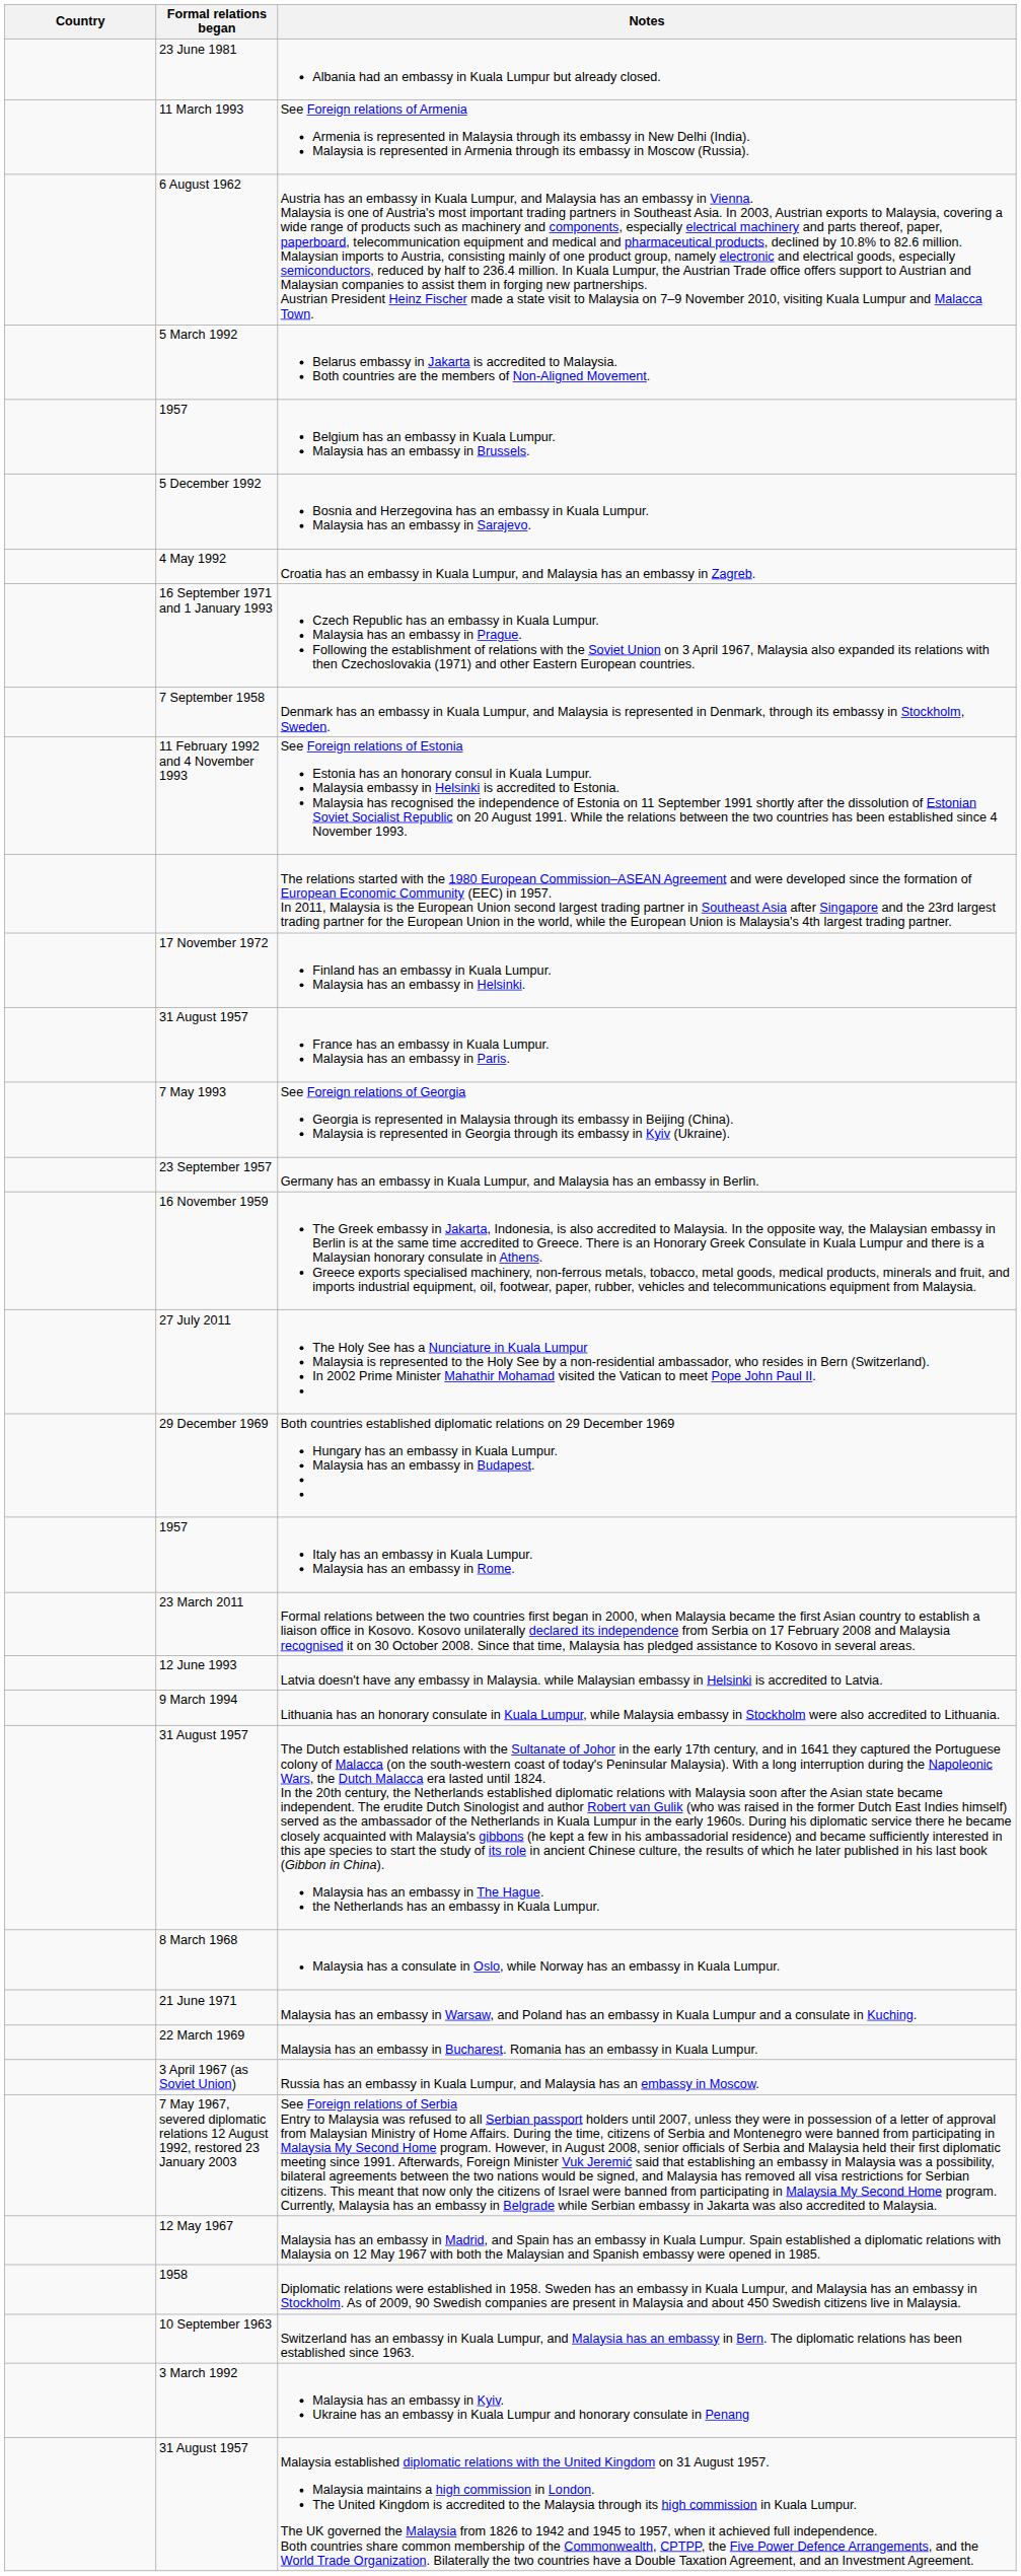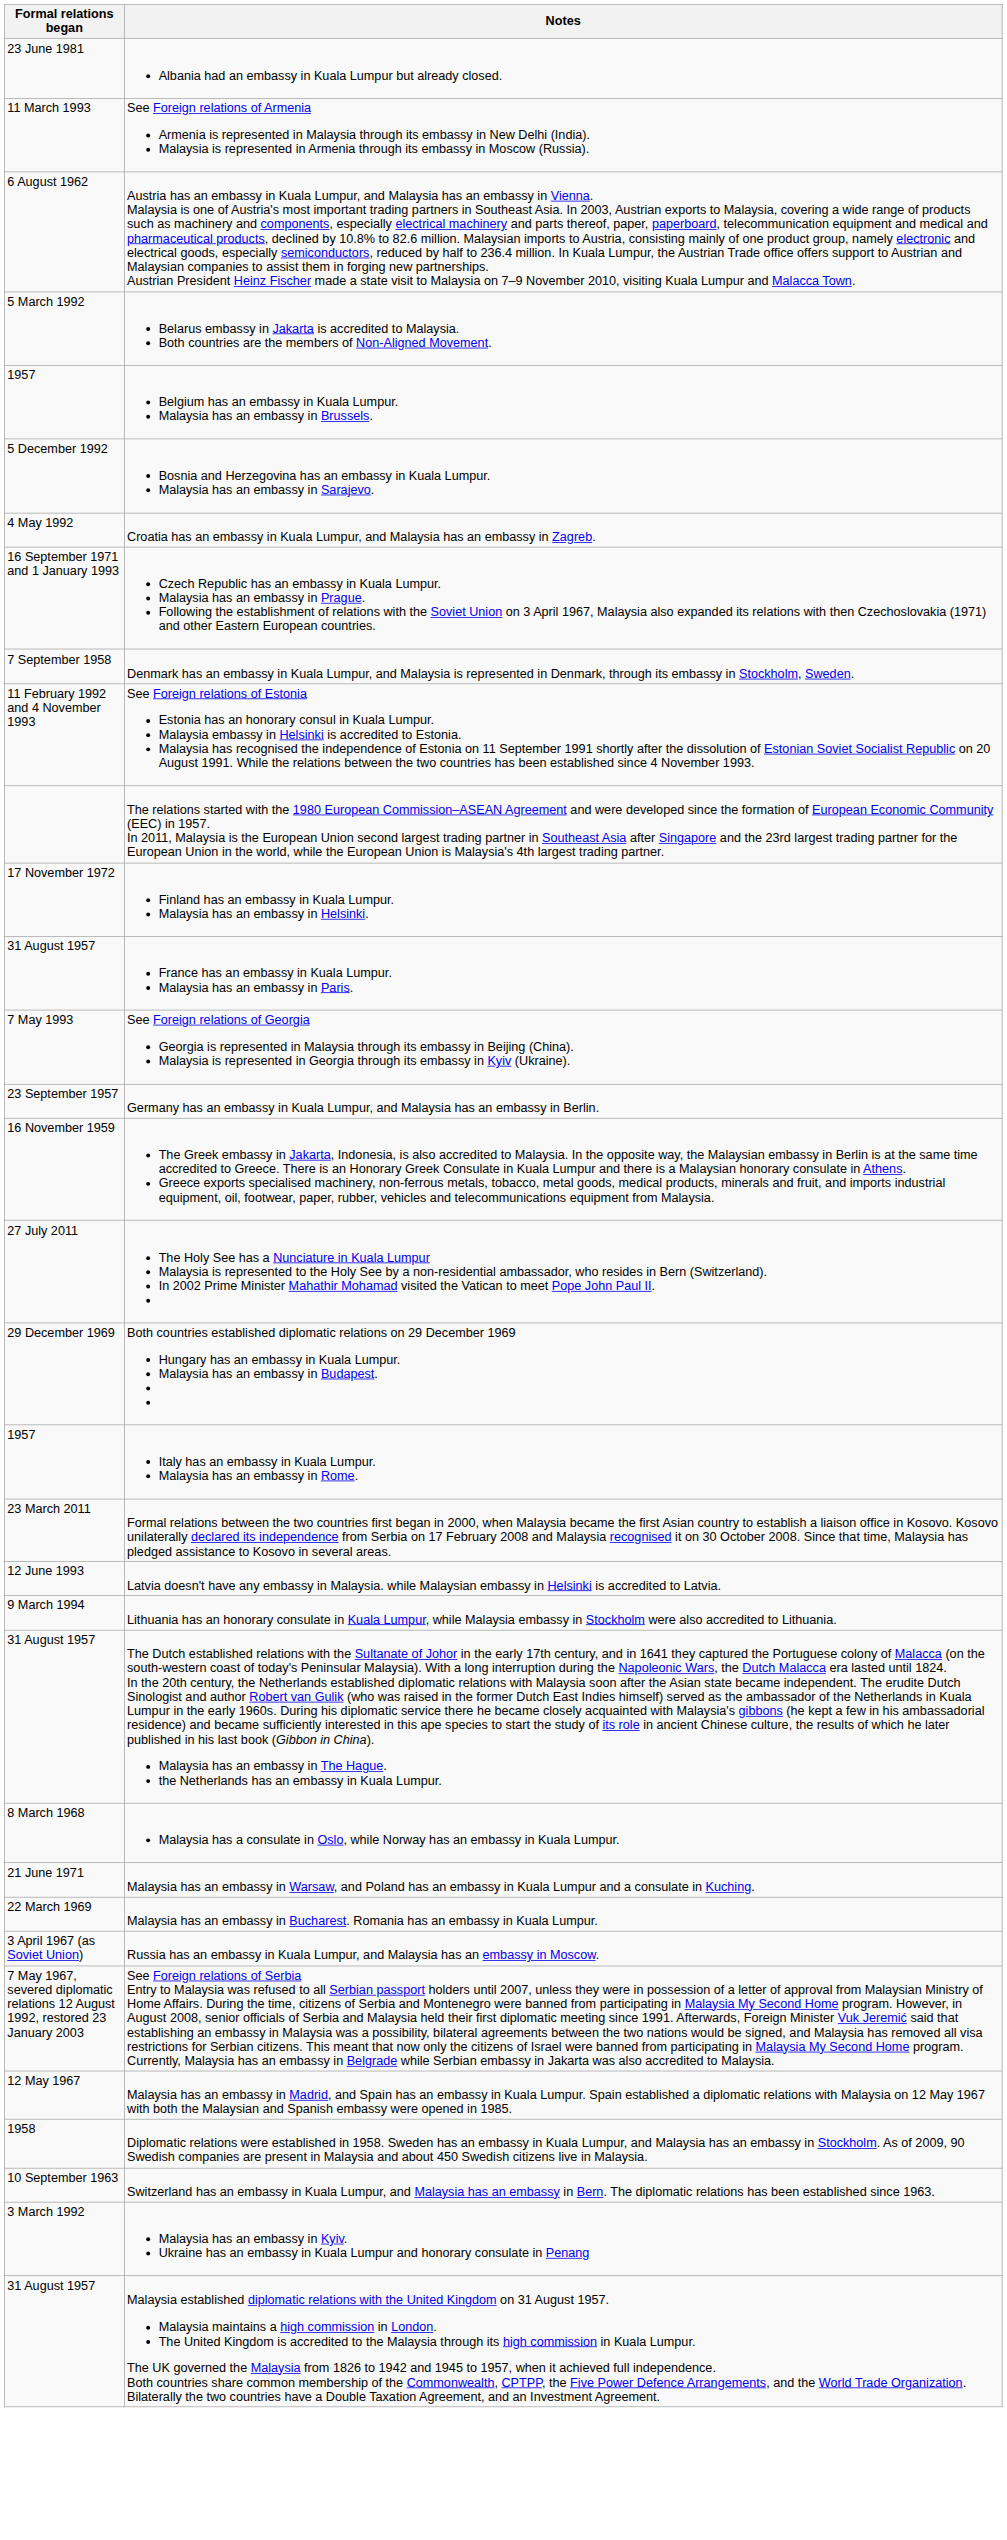 <table class="wikitable sortable" style="width:100%; margin:auto;">
 <tr>
-<th style="width:15%;">Country</th>
 <th style="width:12%;">Formal relations began</th>
 <th>Notes</th>
 </tr>
 <tr valign="top">
-<td></td>
 <td>23 June 1981</td>
 <td><br><ul><li>Albania had an embassy in Kuala Lumpur but already closed.</li></ul></td>
 </tr>
 <tr valign="top">
-<td></td>
 <td>11 March 1993</td>
 <td>See <a href='#'>Foreign relations of Armenia</a><br><ul><li>Armenia is represented in Malaysia through its embassy in New Delhi (India).</li><li>Malaysia is represented in Armenia through its embassy in Moscow (Russia).</li></ul></td>
 </tr>
 <tr valign="top">
-<td></td>
 <td>6 August 1962</td>
 <td><br>Austria has an embassy in Kuala Lumpur, and Malaysia has an embassy in <a href='#'>Vienna</a>.<br>Malaysia is one of Austria's most important trading partners in Southeast Asia. In 2003, Austrian exports to Malaysia, covering a wide range of products such as machinery and <a href='#'>components</a>, especially <a href='#'>electrical machinery</a> and parts thereof, paper, <a href='#'>paperboard</a>, telecommunication equipment and medical and <a href='#'>pharmaceutical products</a>, declined by 10.8% to 82.6 million. Malaysian imports to Austria, consisting mainly of one product group, namely <a href='#'>electronic</a> and electrical goods, especially <a href='#'>semiconductors</a>, reduced by half to 236.4 million. In Kuala Lumpur, the Austrian Trade office offers support to Austrian and Malaysian companies to assist them in forging new partnerships.<br>Austrian President <a href='#'>Heinz Fischer</a> made a state visit to Malaysia on 7–9 November 2010, visiting Kuala Lumpur and <a href='#'>Malacca Town</a>.</td>
 </tr>
 <tr valign="top">
-<td></td>
 <td>5 March 1992</td>
 <td><br><ul><li>Belarus embassy in <a href='#'>Jakarta</a> is accredited to Malaysia.</li><li>Both countries are the members of <a href='#'>Non-Aligned Movement</a>.</li></ul></td>
 </tr>
 <tr valign="top">
-<td></td>
 <td>1957</td>
 <td><br><ul><li>Belgium has an embassy in Kuala Lumpur.</li><li>Malaysia has an embassy in <a href='#'>Brussels</a>.</li></ul></td>
 </tr>
 <tr valign="top">
-<td></td>
 <td>5 December 1992</td>
 <td><br><ul><li>Bosnia and Herzegovina has an embassy in Kuala Lumpur.</li><li>Malaysia has an embassy in <a href='#'>Sarajevo</a>.</li></ul></td>
 </tr>
 <tr valign="top">
-<td></td>
 <td>4 May 1992</td>
 <td><br>Croatia has an embassy in Kuala Lumpur, and Malaysia has an embassy in <a href='#'>Zagreb</a>.</td>
 </tr>
 <tr valign="top">
-<td></td>
 <td>16 September 1971 and 1 January 1993</td>
 <td><br><ul><li>Czech Republic has an embassy in Kuala Lumpur.</li><li>Malaysia has an embassy in <a href='#'>Prague</a>.</li><li>Following the establishment of relations with the <a href='#'>Soviet Union</a> on 3 April 1967, Malaysia also expanded its relations with then Czechoslovakia (1971) and other Eastern European countries.</li></ul></td>
 </tr>
 <tr valign="top">
-<td></td>
 <td>7 September 1958</td>
 <td><br>Denmark has an embassy in Kuala Lumpur, and Malaysia is represented in Denmark, through its embassy in <a href='#'>Stockholm</a>, <a href='#'>Sweden</a>.</td>
 </tr>
 <tr valign="top">
-<td></td>
 <td>11 February 1992 and 4 November 1993</td>
 <td>See <a href='#'>Foreign relations of Estonia</a><br><ul><li>Estonia has an honorary consul in Kuala Lumpur.</li><li>Malaysia embassy in <a href='#'>Helsinki</a> is accredited to Estonia.</li><li>Malaysia has recognised the independence of Estonia on 11 September 1991 shortly after the dissolution of <a href='#'>Estonian Soviet Socialist Republic</a> on 20 August 1991. While the relations between the two countries has been established since 4 November 1993.</li></ul></td>
 </tr>
 <tr valign="top">
 <td></td>
-<td></td>
 <td><br>The relations started with the <a href='#'>1980 European Commission–ASEAN Agreement</a> and were developed since the formation of <a href='#'>European Economic Community</a> (EEC) in 1957.<br>In 2011, Malaysia is the European Union second largest trading partner in <a href='#'>Southeast Asia</a> after <a href='#'>Singapore</a> and the 23rd largest trading partner for the European Union in the world, while the European Union is Malaysia's 4th largest trading partner.</td>
 </tr>
 <tr valign="top">
-<td></td>
 <td>17 November 1972</td>
 <td><br><ul><li>Finland has an embassy in Kuala Lumpur.</li><li>Malaysia has an embassy in <a href='#'>Helsinki</a>.</li></ul></td>
 </tr>
 <tr valign="top">
-<td></td>
 <td>31 August 1957</td>
 <td><br><ul><li>France has an embassy in Kuala Lumpur.</li><li>Malaysia has an embassy in <a href='#'>Paris</a>.</li></ul></td>
 </tr>
 <tr valign="top">
-<td></td>
 <td>7 May 1993</td>
 <td>See <a href='#'>Foreign relations of Georgia</a><br><ul><li>Georgia is represented in Malaysia through its embassy in Beijing (China).</li><li>Malaysia is represented in Georgia through its embassy in <a href='#'>Kyiv</a> (Ukraine).</li></ul></td>
 </tr>
 <tr valign="top">
-<td></td>
 <td>23 September 1957</td>
 <td><br>Germany has an embassy in Kuala Lumpur, and Malaysia has an embassy in Berlin.</td>
 </tr>
 <tr valign="top">
-<td></td>
 <td>16 November 1959</td>
 <td><br><ul><li>The Greek embassy in <a href='#'>Jakarta</a>, Indonesia, is also accredited to Malaysia. In the opposite way, the Malaysian embassy in Berlin is at the same time accredited to Greece. There is an Honorary Greek Consulate in Kuala Lumpur and there is a Malaysian honorary consulate in <a href='#'>Athens</a>.</li><li>Greece exports specialised machinery, non-ferrous metals, tobacco, metal goods, medical products, minerals and fruit, and imports industrial equipment, oil, footwear, paper, rubber, vehicles and telecommunications equipment from Malaysia.</li></ul></td>
 </tr>
 <tr valign="top">
-<td></td>
 <td>27 July 2011</td>
 <td><br><ul><li>The Holy See has a <a href='#'>Nunciature in Kuala Lumpur</a></li><li>Malaysia is represented to the Holy See by a non-residential ambassador, who resides in Bern (Switzerland).</li><li>In 2002 Prime Minister <a href='#'>Mahathir Mohamad</a> visited the Vatican to meet <a href='#'>Pope John Paul II</a>.</li><li> </li></ul></td>
 </tr>
 <tr valign="top">
-<td></td>
 <td>29 December 1969</td>
 <td>Both countries established diplomatic relations on 29 December 1969<br><ul><li>Hungary has an embassy in Kuala Lumpur.</li><li>Malaysia has an embassy in <a href='#'>Budapest</a>.</li><li> </li><li></li></ul></td>
 </tr>
 <tr valign="top">
-<td></td>
 <td>1957</td>
 <td><br><ul><li>Italy has an embassy in Kuala Lumpur.</li><li>Malaysia has an embassy in <a href='#'>Rome</a>.</li></ul></td>
 </tr>
 <tr valign="top">
-<td></td>
 <td>23 March 2011</td>
 <td><br>Formal relations between the two countries first began in 2000, when Malaysia became the first Asian country to establish a liaison office in Kosovo. Kosovo unilaterally <a href='#'>declared its independence</a> from Serbia on 17 February 2008 and Malaysia <a href='#'>recognised</a> it on 30 October 2008.  Since that time, Malaysia has pledged assistance to Kosovo in several areas.</td>
 </tr>
 <tr valign="top">
-<td></td>
 <td>12 June 1993</td>
 <td><br>Latvia doesn't have any embassy in Malaysia. while Malaysian embassy in <a href='#'>Helsinki</a> is accredited to Latvia.</td>
 </tr>
 <tr valign="top">
-<td></td>
 <td>9 March 1994</td>
 <td><br>Lithuania has an honorary consulate in <a href='#'>Kuala Lumpur</a>, while Malaysia embassy in <a href='#'>Stockholm</a> were also accredited to Lithuania.</td>
 </tr>
 <tr valign="top">
-<td></td>
 <td>31 August 1957</td>
 <td><br>The Dutch established relations with the <a href='#'>Sultanate of Johor</a> in the early 17th century, and in 1641 they captured the Portuguese colony of <a href='#'>Malacca</a> (on the south-western coast of today's Peninsular Malaysia). With a long interruption during the <a href='#'>Napoleonic Wars</a>, the <a href='#'>Dutch Malacca</a> era lasted until 1824.<br>In the 20th century, the Netherlands established diplomatic relations with Malaysia soon after the Asian state became independent. The erudite Dutch Sinologist and author <a href='#'>Robert van Gulik</a> (who was raised in the former Dutch East Indies himself) served as the ambassador of the Netherlands in Kuala Lumpur in the early 1960s. During his diplomatic service there he became closely acquainted with Malaysia's <a href='#'>gibbons</a> (he kept a few in his ambassadorial residence) and became sufficiently interested in this ape species to start the study of <a href='#'>its role</a> in ancient Chinese culture, the results of which he later published in his last book (<em>Gibbon in China</em>).<ul><li>Malaysia has an embassy in <a href='#'>The Hague</a>.</li><li>the Netherlands has an embassy in Kuala Lumpur.</li></ul></td>
 </tr>
 <tr valign="top">
-<td></td>
 <td>8 March 1968</td>
 <td><br><ul><li>Malaysia has a consulate in <a href='#'>Oslo</a>, while Norway has an embassy in Kuala Lumpur.</li></ul></td>
 </tr>
 <tr valign="top">
-<td></td>
 <td>21 June 1971</td>
 <td><br>Malaysia has an embassy in <a href='#'>Warsaw</a>, and Poland has an embassy in Kuala Lumpur and a consulate in <a href='#'>Kuching</a>.</td>
 </tr>
 <tr valign="top">
-<td></td>
 <td>22 March 1969</td>
 <td><br>Malaysia has an embassy in <a href='#'>Bucharest</a>. Romania has an embassy in Kuala Lumpur.</td>
 </tr>
 <tr valign="top">
-<td></td>
 <td>3 April 1967 (as <a href='#'>Soviet Union</a>)</td>
 <td><br>Russia has an embassy in Kuala Lumpur, and Malaysia has an <a href='#'>embassy in Moscow</a>.</td>
 </tr>
 <tr valign="top">
-<td></td>
 <td>7 May 1967, severed diplomatic relations 12 August 1992, restored 23 January 2003</td>
 <td>See <a href='#'>Foreign relations of Serbia</a><br>Entry to Malaysia was refused to all <a href='#'>Serbian passport</a> holders until 2007, unless they were in possession of a letter of approval from Malaysian Ministry of Home Affairs. During the time, citizens of Serbia and Montenegro were banned from participating in <a href='#'>Malaysia My Second Home</a> program. However, in August 2008, senior officials of Serbia and Malaysia held their first diplomatic meeting since 1991. Afterwards, Foreign Minister <a href='#'>Vuk Jeremić</a> said that establishing an embassy in Malaysia was a possibility, bilateral agreements between the two nations would be signed, and Malaysia has removed all visa restrictions for Serbian citizens. This meant that now only the citizens of Israel were banned from participating in <a href='#'>Malaysia My Second Home</a> program. Currently, Malaysia has an embassy in <a href='#'>Belgrade</a> while Serbian embassy in Jakarta was also accredited to Malaysia.</td>
 </tr>
 <tr valign="top">
-<td></td>
 <td>12 May 1967</td>
 <td><br>Malaysia has an embassy in <a href='#'>Madrid</a>, and Spain has an embassy in Kuala Lumpur. Spain established a diplomatic relations with Malaysia on 12 May 1967 with both the Malaysian and Spanish embassy were opened in 1985.</td>
 </tr>
 <tr valign="top">
-<td></td>
 <td>1958</td>
 <td><br>Diplomatic relations were established in 1958. Sweden has an embassy in Kuala Lumpur, and Malaysia has an embassy in <a href='#'>Stockholm</a>. As of 2009, 90 Swedish companies are present in Malaysia and about 450 Swedish citizens live in Malaysia.</td>
 </tr>
 <tr valign="top">
-<td></td>
 <td>10 September 1963</td>
 <td><br>Switzerland has an embassy in Kuala Lumpur, and <a href='#'>Malaysia has an embassy</a> in <a href='#'>Bern</a>. The diplomatic relations has been established since 1963.</td>
 </tr>
 <tr valign="top">
-<td></td>
 <td>3 March 1992</td>
 <td><br><ul><li>Malaysia has an embassy in <a href='#'>Kyiv</a>.</li><li>Ukraine has an embassy in Kuala Lumpur  and honorary consulate in <a href='#'>Penang</a></li></ul></td>
 </tr>
 <tr valign="top">
-<td></td>
 <td>31 August 1957</td>
 <td><br> Malaysia established <a href='#'>diplomatic relations with the United Kingdom</a> on 31 August 1957.<ul><li>Malaysia maintains a <a href='#'>high commission</a> in <a href='#'>London</a>.</li><li>The United Kingdom is accredited to the Malaysia through its <a href='#'>high commission</a> in Kuala Lumpur.</li></ul>The UK governed the <a href='#'>Malaysia</a> from 1826 to 1942 and 1945 to 1957, when it achieved full independence.<br>Both countries share common membership of the <a href='#'>Commonwealth</a>, <a href='#'>CPTPP</a>, the <a href='#'>Five Power Defence Arrangements</a>, and the <a href='#'>World Trade Organization</a>. Bilaterally the two countries have a Double Taxation Agreement, and an Investment Agreement.</td>
 </tr>
 </table>
